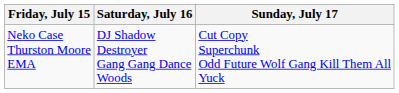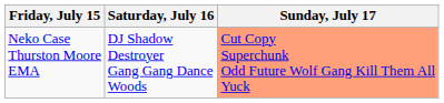 <table class="wikitable">
 <tr>
 <th>Friday, July 15</th>
 <th>Saturday, July 16</th>
 <th>Sunday, July 17</th>
 </tr>
 <tr valign="top">
 <td><a href='#'>Neko Case</a><br><a href='#'>Thurston Moore</a><br><a href='#'>EMA</a></td>
 <td><a href='#'>DJ Shadow</a><br><a href='#'>Destroyer</a><br><a href='#'>Gang Gang Dance</a><br><a href='#'>Woods</a></td>
-<td><a href='#'>Cut Copy</a><br><a href='#'>Superchunk</a><br><a href='#'>Odd Future Wolf Gang Kill Them All</a><br><a href='#'>Yuck</a></td>
+<td style="background: lightsalmon;"><a href='#'>Cut Copy</a><br><a href='#'>Superchunk</a><br><a href='#'>Odd Future Wolf Gang Kill Them All</a><br><a href='#'>Yuck</a></td>
 </tr>
 </table>
